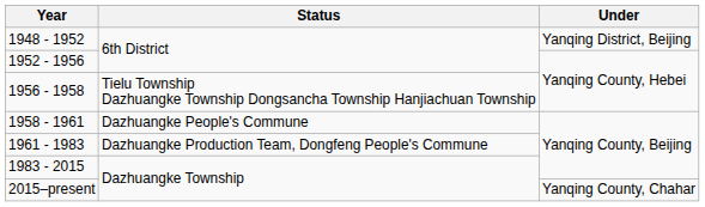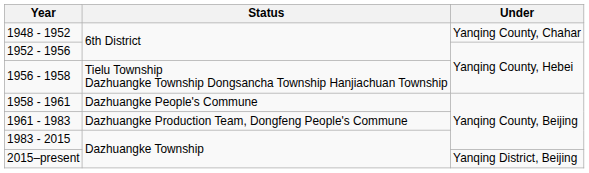 <table class="wikitable">
 <tr>
 <th>Year</th>
 <th>Status</th>
 <th>Under</th>
 </tr>
 <tr>
 <td>1948 - 1952</td>
 <td rowspan="2">6th District</td>
-<td>Yanqing District, Beijing</td>
+<td>Yanqing County, Chahar</td>
 </tr>
 <tr>
 <td>1952 - 1956</td>
 <td rowspan="2">Yanqing County, Hebei</td>
 </tr>
 <tr>
 <td>1956 - 1958</td>
 <td>Tielu Township<br>Dazhuangke Township Dongsancha Township Hanjiachuan Township</td>
 </tr>
 <tr>
 <td>1958 - 1961</td>
 <td>Dazhuangke People's Commune</td>
 <td rowspan="3">Yanqing County, Beijing</td>
 </tr>
 <tr>
 <td>1961 - 1983</td>
 <td>Dazhuangke Production Team, Dongfeng People's Commune</td>
 </tr>
 <tr>
 <td>1983 - 2015</td>
 <td rowspan="2">Dazhuangke Township</td>
 </tr>
 <tr>
 <td>2015–present</td>
-<td>Yanqing County, Chahar</td>
+<td>Yanqing District, Beijing</td>
 </tr>
 </table>
